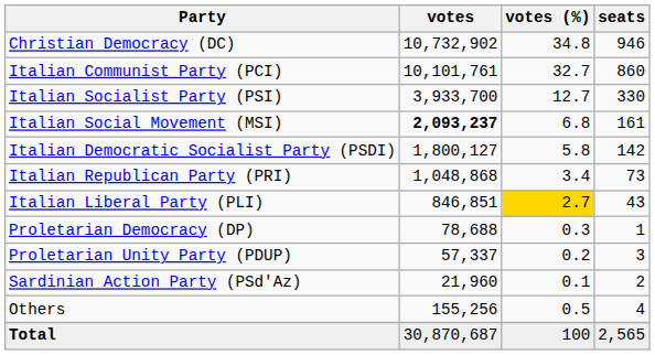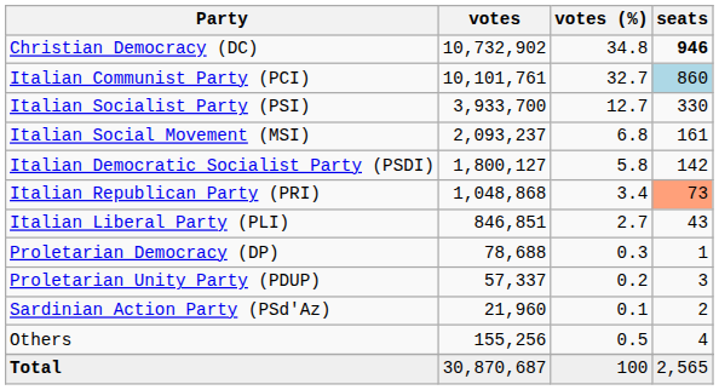 <table class="wikitable" style="font-size: 90%;">
 <tr bgcolor="EFEFEF">
 <th>Party</th>
 <th>votes</th>
 <th>votes (%)</th>
 <th>seats</th>
 </tr>
 <tr>
 <td><a href='#'>Christian Democracy</a> (DC)</td>
 <td align=right>10,732,902</td>
 <td align=right>34.8</td>
-<td align=right>946</td>
+<td align=right><strong>946</strong></td>
 </tr>
 <tr>
 <td><a href='#'>Italian Communist Party</a> (PCI)</td>
 <td align=right>10,101,761</td>
 <td align=right>32.7</td>
-<td align=right>860</td>
+<td align=right style="background: lightblue;">860</td>
 </tr>
 <tr>
 <td><a href='#'>Italian Socialist Party</a> (PSI)</td>
 <td align=right>3,933,700</td>
 <td align=right>12.7</td>
 <td align=right>330</td>
 </tr>
 <tr>
 <td><a href='#'>Italian Social Movement</a> (MSI)</td>
-<td align=right><strong>2,093,237</strong></td>
+<td align=right>2,093,237</td>
 <td align=right>6.8</td>
 <td align=right>161</td>
 </tr>
 <tr>
 <td><a href='#'>Italian Democratic Socialist Party</a> (PSDI)</td>
 <td align=right>1,800,127</td>
 <td align=right>5.8</td>
 <td align=right>142</td>
 </tr>
 <tr>
 <td><a href='#'>Italian Republican Party</a> (PRI)</td>
 <td align=right>1,048,868</td>
 <td align=right>3.4</td>
-<td align=right>73</td>
+<td align=right style="background: lightsalmon;">73</td>
 </tr>
 <tr>
 <td><a href='#'>Italian Liberal Party</a> (PLI)</td>
 <td align=right>846,851</td>
-<td align=right style="background: gold;">2.7</td>
+<td align=right>2.7</td>
 <td align=right>43</td>
 </tr>
 <tr>
 <td><a href='#'>Proletarian Democracy</a> (DP)</td>
 <td align=right>78,688</td>
 <td align=right>0.3</td>
 <td align=right>1</td>
 </tr>
 <tr>
 <td><a href='#'>Proletarian Unity Party</a> (PDUP)</td>
 <td align=right>57,337</td>
 <td align=right>0.2</td>
 <td align=right>3</td>
 </tr>
 <tr>
 <td><a href='#'>Sardinian Action Party</a> (PSd'Az)</td>
 <td align=right>21,960</td>
 <td align=right>0.1</td>
 <td align=right>2</td>
 </tr>
 <tr>
 <td>Others</td>
 <td align=right>155,256</td>
 <td align=right>0.5</td>
 <td align=right>4</td>
 </tr>
 <tr>
 </tr>
 <tr bgcolor="EFEFEF">
 <td align=left><strong>Total</strong></td>
 <td align=right>30,870,687</td>
 <td align=right>100</td>
 <td align=right>2,565</td>
 </tr>
 </table>
